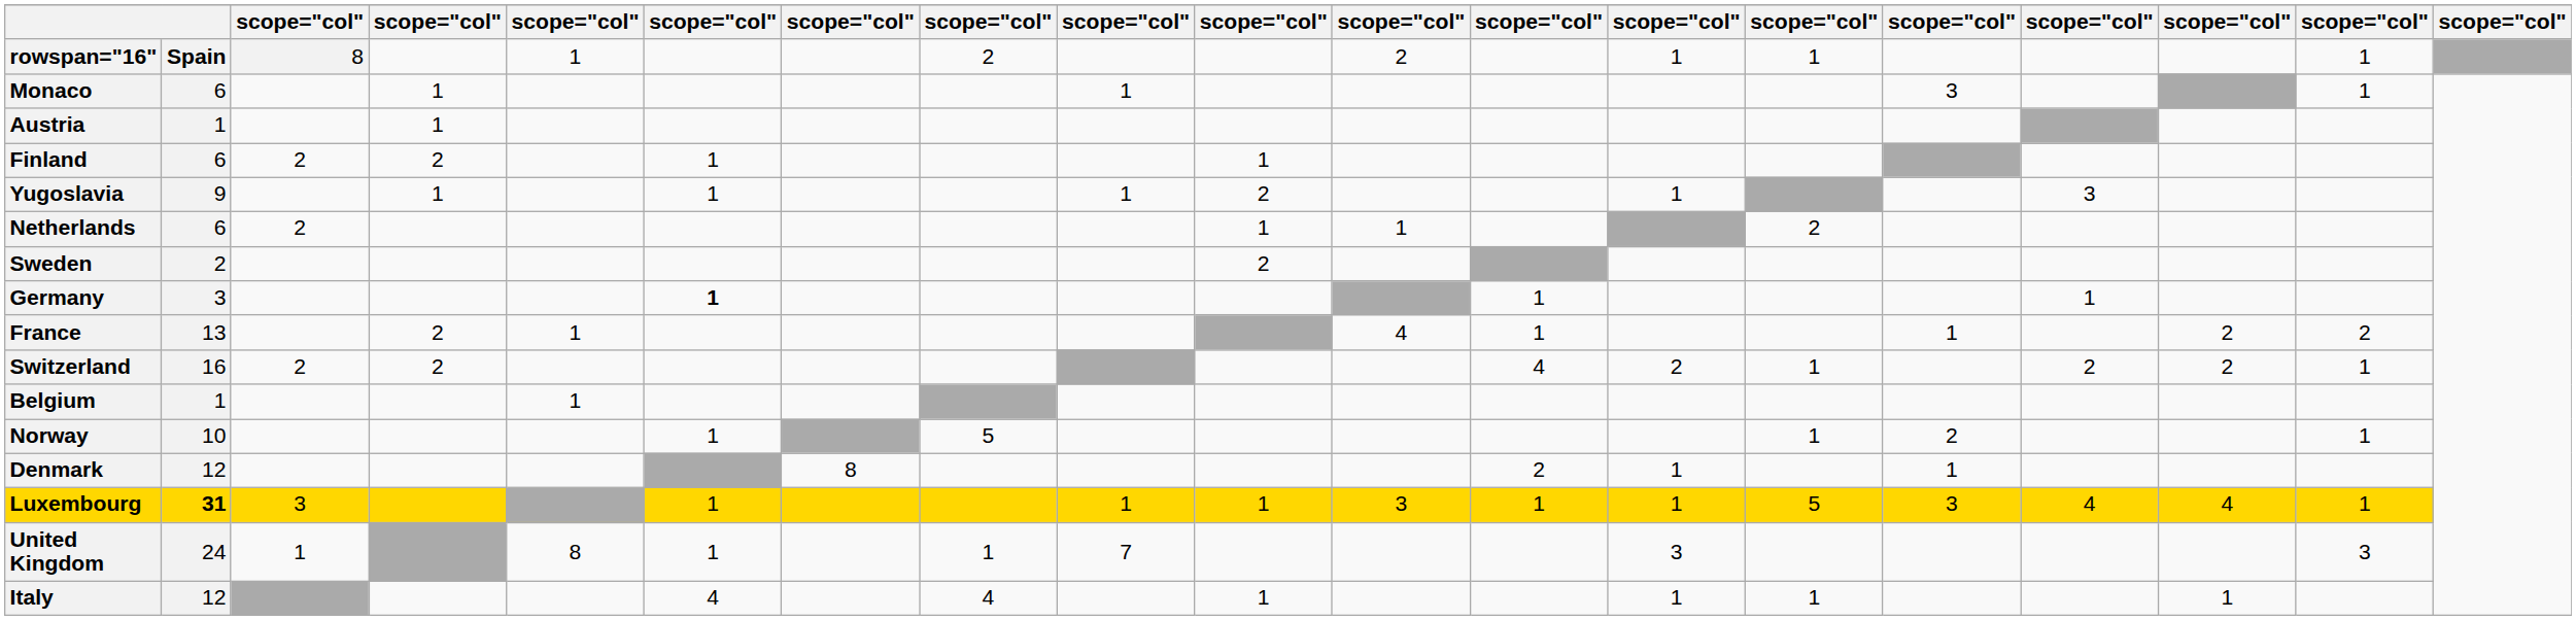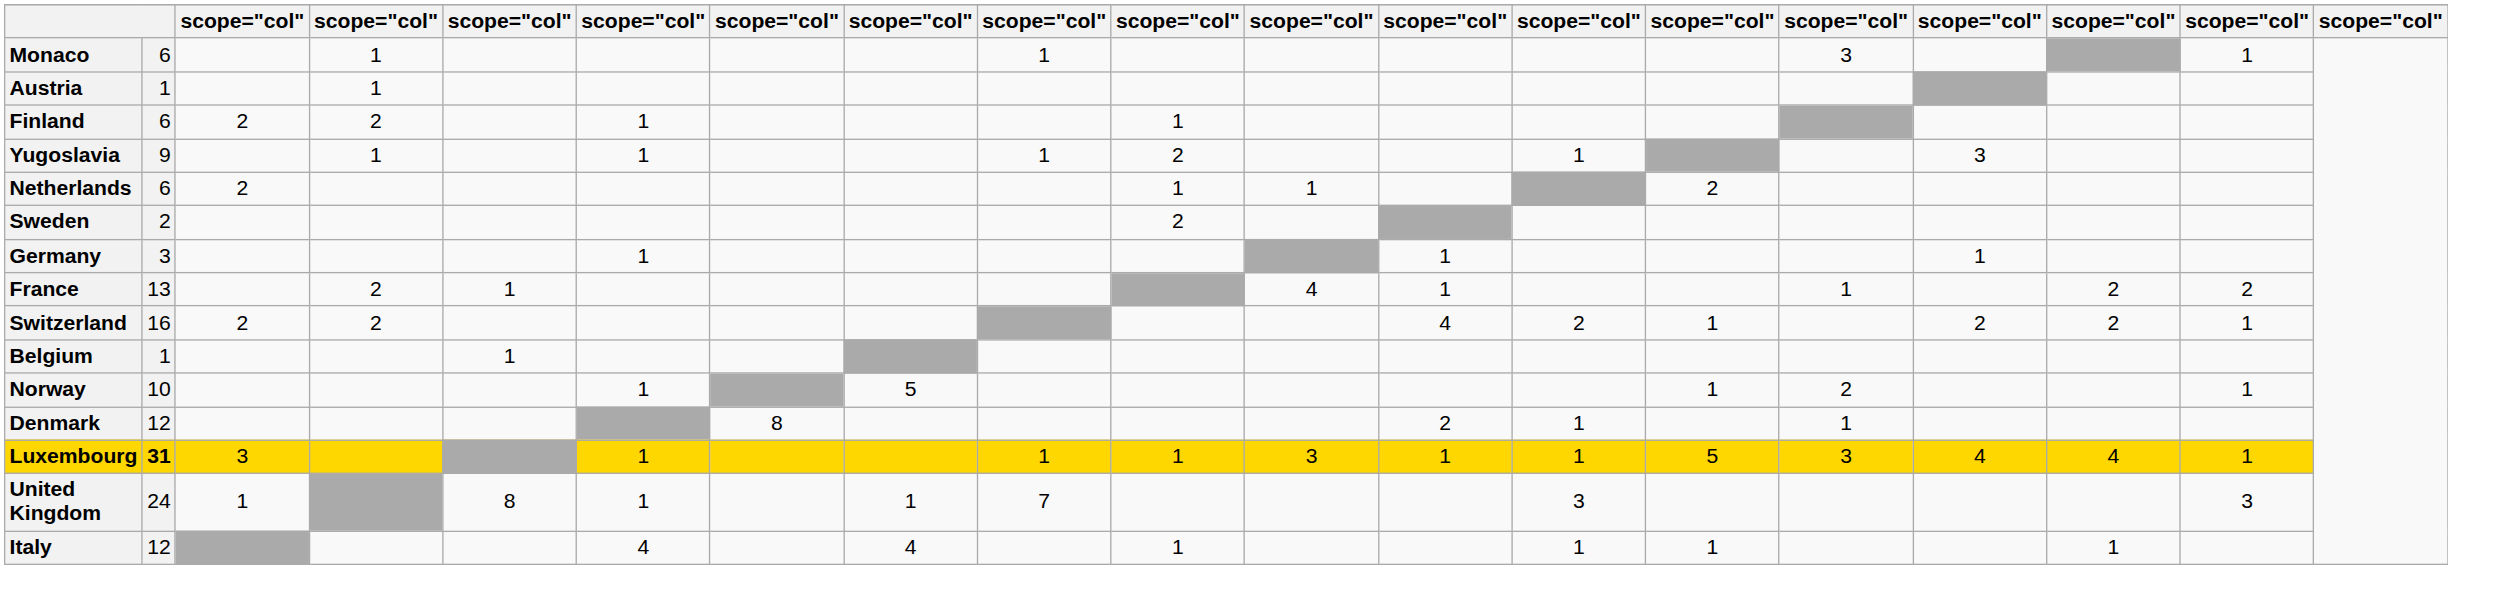 <table class="wikitable plainrowheaders" style="text-align:center;">
 <tr>
 </tr>
 <tr>
 <th colspan="2"></th>
 <th>scope="col" </th>
 <th>scope="col" </th>
 <th>scope="col" </th>
 <th>scope="col" </th>
 <th>scope="col" </th>
 <th>scope="col" </th>
 <th>scope="col" </th>
 <th>scope="col" </th>
 <th>scope="col" </th>
 <th>scope="col" </th>
 <th>scope="col" </th>
 <th>scope="col" </th>
 <th>scope="col" </th>
 <th>scope="col" </th>
 <th>scope="col" </th>
 <th>scope="col" </th>
 <th>scope="col" </th>
-</tr>
-<tr>
-<th>rowspan="16" </th>
-<th scope="row" style="text-align:left; background:#f2f2f2;">Spain</th>
-<td style="text-align:right; background:#f2f2f2;">8</td>
-<td></td>
-<td>1</td>
-<td></td>
-<td></td>
-<td>2</td>
-<td></td>
-<td></td>
-<td>2</td>
-<td></td>
-<td>1</td>
-<td>1</td>
-<td></td>
-<td></td>
-<td></td>
-<td>1</td>
-<td style="text-align:left; background-color:#aaa"></td>
 </tr>
 <tr>
 <th scope="row" style="text-align:left; background:#f2f2f2;">Monaco</th>
 <td style="text-align:right; background:#f2f2f2;">6</td>
 <td></td>
 <td>1</td>
 <td></td>
 <td></td>
 <td></td>
 <td></td>
 <td>1</td>
 <td></td>
 <td></td>
 <td></td>
 <td></td>
 <td></td>
 <td>3</td>
 <td></td>
 <td style="text-align:left; background-color:#aaa"></td>
 <td>1</td>
 </tr>
 <tr>
 <th scope="row" style="text-align:left; background:#f2f2f2;">Austria</th>
 <td style="text-align:right; background:#f2f2f2;">1</td>
 <td></td>
 <td>1</td>
 <td></td>
 <td></td>
 <td></td>
 <td></td>
 <td></td>
 <td></td>
 <td></td>
 <td></td>
 <td></td>
 <td></td>
 <td></td>
 <td style="text-align:left; background-color:#aaa"></td>
 <td></td>
 <td></td>
 </tr>
 <tr>
 <th scope="row" style="text-align:left; background:#f2f2f2;">Finland</th>
 <td style="text-align:right; background:#f2f2f2;">6</td>
 <td>2</td>
 <td>2</td>
 <td></td>
 <td>1</td>
 <td></td>
 <td></td>
 <td></td>
 <td>1</td>
 <td></td>
 <td></td>
 <td></td>
 <td></td>
 <td style="text-align:left; background-color:#aaa"></td>
 <td></td>
 <td></td>
 <td></td>
 </tr>
 <tr>
 <th scope="row" style="text-align:left; background:#f2f2f2;">Yugoslavia</th>
 <td style="text-align:right; background:#f2f2f2;">9</td>
 <td></td>
 <td>1</td>
 <td></td>
 <td>1</td>
 <td></td>
 <td></td>
 <td>1</td>
 <td>2</td>
 <td></td>
 <td></td>
 <td>1</td>
 <td style="text-align:left; background-color:#aaa"></td>
 <td></td>
 <td>3</td>
 <td></td>
 <td></td>
 </tr>
 <tr>
 <th scope="row" style="text-align:left; background:#f2f2f2;">Netherlands</th>
 <td style="text-align:right; background:#f2f2f2;">6</td>
 <td>2</td>
 <td></td>
 <td></td>
 <td></td>
 <td></td>
 <td></td>
 <td></td>
 <td>1</td>
 <td>1</td>
 <td></td>
 <td style="text-align:left; background-color:#aaa"></td>
 <td>2</td>
 <td></td>
 <td></td>
 <td></td>
 <td></td>
 </tr>
 <tr>
 <th scope="row" style="text-align:left; background:#f2f2f2;">Sweden</th>
 <td style="text-align:right; background:#f2f2f2;">2</td>
 <td></td>
 <td></td>
 <td></td>
 <td></td>
 <td></td>
 <td></td>
 <td></td>
 <td>2</td>
 <td></td>
 <td style="text-align:left; background-color:#aaa"></td>
 <td></td>
 <td></td>
 <td></td>
 <td></td>
 <td></td>
 <td></td>
 </tr>
 <tr>
 <th scope="row" style="text-align:left; background:#f2f2f2;">Germany</th>
 <td style="text-align:right; background:#f2f2f2;">3</td>
 <td></td>
 <td></td>
 <td></td>
-<td><strong>1</strong></td>
+<td>1</td>
 <td></td>
 <td></td>
 <td></td>
 <td></td>
 <td style="text-align:left; background-color:#aaa"></td>
 <td>1</td>
 <td></td>
 <td></td>
 <td></td>
 <td>1</td>
 <td></td>
 <td></td>
 </tr>
 <tr>
 <th scope="row" style="text-align:left; background:#f2f2f2;">France</th>
 <td style="text-align:right; background:#f2f2f2;">13</td>
 <td></td>
 <td>2</td>
 <td>1</td>
 <td></td>
 <td></td>
 <td></td>
 <td></td>
 <td style="text-align:left; background-color:#aaa"></td>
 <td>4</td>
 <td>1</td>
 <td></td>
 <td></td>
 <td>1</td>
 <td></td>
 <td>2</td>
 <td>2</td>
 </tr>
 <tr>
 <th scope="row" style="text-align:left; background:#f2f2f2;">Switzerland</th>
 <td style="text-align:right; background:#f2f2f2;">16</td>
 <td>2</td>
 <td>2</td>
 <td></td>
 <td></td>
 <td></td>
 <td></td>
 <td style="text-align:left; background-color:#aaa"></td>
 <td></td>
 <td></td>
 <td>4</td>
 <td>2</td>
 <td>1</td>
 <td></td>
 <td>2</td>
 <td>2</td>
 <td>1</td>
 </tr>
 <tr>
 <th scope="row" style="text-align:left; background:#f2f2f2;">Belgium</th>
 <td style="text-align:right; background:#f2f2f2;">1</td>
 <td></td>
 <td></td>
 <td>1</td>
 <td></td>
 <td></td>
 <td style="text-align:left; background-color:#aaa"></td>
 <td></td>
 <td></td>
 <td></td>
 <td></td>
 <td></td>
 <td></td>
 <td></td>
 <td></td>
 <td></td>
 <td></td>
 </tr>
 <tr>
 <th scope="row" style="text-align:left; background:#f2f2f2;">Norway</th>
 <td style="text-align:right; background:#f2f2f2;">10</td>
 <td></td>
 <td></td>
 <td></td>
 <td>1</td>
 <td style="text-align:left; background-color:#aaa"></td>
 <td>5</td>
 <td></td>
 <td></td>
 <td></td>
 <td></td>
 <td></td>
 <td>1</td>
 <td>2</td>
 <td></td>
 <td></td>
 <td>1</td>
 </tr>
 <tr>
 <th scope="row" style="text-align:left; background:#f2f2f2;">Denmark</th>
 <td style="text-align:right; background:#f2f2f2;">12</td>
 <td></td>
 <td></td>
 <td></td>
 <td style="text-align:left; background-color:#aaa"></td>
 <td>8</td>
 <td></td>
 <td></td>
 <td></td>
 <td></td>
 <td>2</td>
 <td>1</td>
 <td></td>
 <td>1</td>
 <td></td>
 <td></td>
 <td></td>
 </tr>
 <tr style="background:gold;">
 <th scope="row" style="text-align:left; font-weight:bold; background:gold;">Luxembourg</th>
 <td style="text-align:right; font-weight:bold;">31</td>
 <td>3</td>
 <td></td>
 <td style="text-align:left; background-color:#aaa"></td>
 <td>1</td>
 <td></td>
 <td></td>
 <td>1</td>
 <td>1</td>
 <td>3</td>
 <td>1</td>
 <td>1</td>
 <td>5</td>
 <td>3</td>
 <td>4</td>
 <td>4</td>
 <td>1</td>
 </tr>
 <tr>
 <th scope="row" style="text-align:left; background:#f2f2f2;">United Kingdom</th>
 <td style="text-align:right; background:#f2f2f2;">24</td>
 <td>1</td>
 <td style="text-align:left; background-color:#aaa"></td>
 <td>8</td>
 <td>1</td>
 <td></td>
 <td>1</td>
 <td>7</td>
 <td></td>
 <td></td>
 <td></td>
 <td>3</td>
 <td></td>
 <td></td>
 <td></td>
 <td></td>
 <td>3</td>
 </tr>
 <tr>
 <th scope="row" style="text-align:left; background:#f2f2f2;">Italy</th>
 <td style="text-align:right; background:#f2f2f2;">12</td>
 <td style="text-align:left; background-color:#aaa"></td>
 <td></td>
 <td></td>
 <td>4</td>
 <td></td>
 <td>4</td>
 <td></td>
 <td>1</td>
 <td></td>
 <td></td>
 <td>1</td>
 <td>1</td>
 <td></td>
 <td></td>
 <td>1</td>
 <td></td>
 </tr>
 </table>
